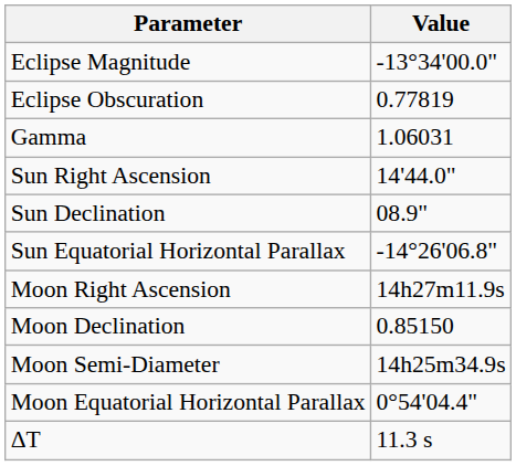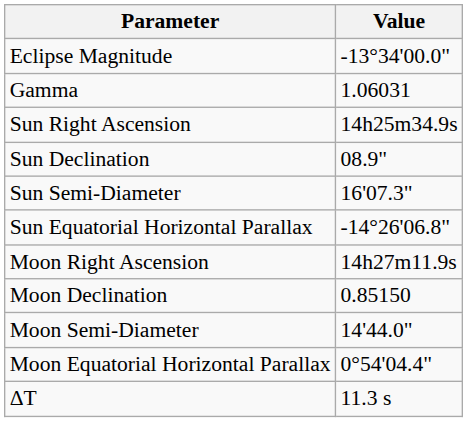 <table class="wikitable">
 <tr>
 <th>Parameter</th>
 <th>Value</th>
 </tr>
 <tr>
 <td>Eclipse Magnitude</td>
 <td>-13°34'00.0"</td>
 </tr>
 <tr>
-<td>Eclipse Obscuration</td>
-<td>0.77819</td>
-</tr>
-<tr>
 <td>Gamma</td>
 <td>1.06031</td>
 </tr>
 <tr>
 <td>Sun Right Ascension</td>
-<td>14'44.0"</td>
+<td>14h25m34.9s</td>
 </tr>
 <tr>
 <td>Sun Declination</td>
 <td>08.9"</td>
+</tr>
+<tr>
+<td>Sun Semi-Diameter</td>
+<td>16'07.3"</td>
 </tr>
 <tr>
 <td>Sun Equatorial Horizontal Parallax</td>
 <td>-14°26'06.8"</td>
 </tr>
 <tr>
 <td>Moon Right Ascension</td>
 <td>14h27m11.9s</td>
 </tr>
 <tr>
 <td>Moon Declination</td>
 <td>0.85150</td>
 </tr>
 <tr>
 <td>Moon Semi-Diameter</td>
-<td>14h25m34.9s</td>
+<td>14'44.0"</td>
 </tr>
 <tr>
 <td>Moon Equatorial Horizontal Parallax</td>
 <td>0°54'04.4"</td>
 </tr>
 <tr>
 <td>ΔT</td>
 <td>11.3 s</td>
 </tr>
 </table>
